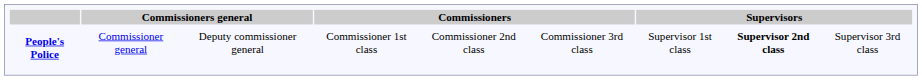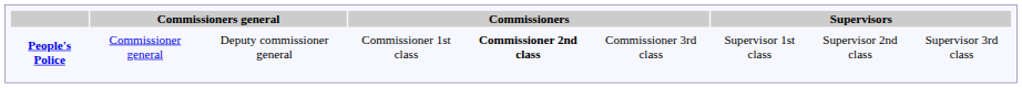 <table style="border:1px solid #8888aa; background-color:#f7f8ff; padding:5px; font-size:95%; margin: 0px 12px 12px 0px;">
 <tr style="background-color:#CCCCCC;">
 <th></th>
 <th colspan=2>Commissioners general</th>
 <th colspan=3>Commissioners</th>
 <th colspan=3>Supervisors</th>
 </tr>
 <tr style="text-align:center;">
 <td rowspan=2><strong> <a href='#'>People's Police</a></strong></td>
 <td></td>
 <td></td>
 <td></td>
 <td></td>
 <td></td>
 <td></td>
 <td></td>
 <td></td>
 </tr>
 <tr style="text-align:center;">
 <td><a href='#'>Commissioner general</a><br><br></td>
 <td>Deputy commissioner general<br><br></td>
 <td>Commissioner 1st class<br><br></td>
-<td>Commissioner 2nd class<br><br></td>
+<td><strong>Commissioner 2nd class<br><br></strong></td>
 <td>Commissioner 3rd class<br><br></td>
 <td>Supervisor 1st class<br><br></td>
-<td><strong>Supervisor 2nd class<br><br></strong></td>
+<td>Supervisor 2nd class<br><br></td>
 <td>Supervisor 3rd class<br><br></td>
 </tr>
 </table>
